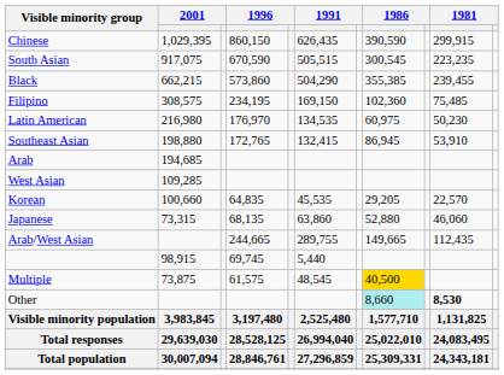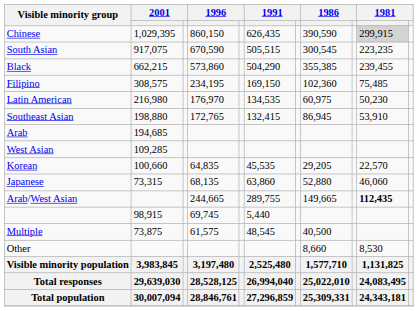 <table class="wikitable sortable">
 <tr>
 <th rowspan="2">Visible minority group</th>
 <th colspan="2"><a href='#'>2001</a><br></th>
 <th colspan="2"><a href='#'>1996</a><br></th>
 <th colspan="2"><a href='#'>1991</a><br></th>
 <th colspan="2"><a href='#'>1986</a><br></th>
 <th colspan="2"><a href='#'>1981</a><br></th>
 </tr>
 <tr>
 <th><a href='#'></a></th>
 <th></th>
 <th></th>
 <th></th>
 <th></th>
 <th></th>
 <th></th>
 <th></th>
 <th></th>
 <th></th>
 </tr>
 <tr>
 <td><a href='#'>Chinese</a></td>
 <td>1,029,395</td>
 <td></td>
 <td>860,150</td>
 <td></td>
 <td>626,435</td>
 <td></td>
 <td>390,590</td>
 <td></td>
-<td>299,915</td>
+<td style="background: lightgrey;">299,915</td>
 <td></td>
 </tr>
 <tr>
 <td><a href='#'>South Asian</a></td>
 <td>917,075</td>
 <td></td>
 <td>670,590</td>
 <td></td>
 <td>505,515</td>
 <td></td>
 <td>300,545</td>
 <td></td>
 <td>223,235</td>
 <td></td>
 </tr>
 <tr>
 <td><a href='#'>Black</a></td>
 <td>662,215</td>
 <td></td>
 <td>573,860</td>
 <td></td>
 <td>504,290</td>
 <td></td>
 <td>355,385</td>
 <td></td>
 <td>239,455</td>
 <td></td>
 </tr>
 <tr>
 <td><a href='#'>Filipino</a></td>
 <td>308,575</td>
 <td></td>
 <td>234,195</td>
 <td></td>
 <td>169,150</td>
 <td></td>
 <td>102,360</td>
 <td></td>
 <td>75,485</td>
 <td></td>
 </tr>
 <tr>
 <td><a href='#'>Latin American</a></td>
 <td>216,980</td>
 <td></td>
 <td>176,970</td>
 <td></td>
 <td>134,535</td>
 <td></td>
 <td>60,975</td>
 <td></td>
 <td>50,230</td>
 <td></td>
 </tr>
 <tr>
 <td><a href='#'>Southeast Asian</a></td>
 <td>198,880</td>
 <td></td>
 <td>172,765</td>
 <td></td>
 <td>132,415</td>
 <td></td>
 <td>86,945</td>
 <td></td>
 <td>53,910</td>
 <td></td>
 </tr>
 <tr>
 <td><a href='#'>Arab</a></td>
 <td>194,685</td>
 <td></td>
 <td></td>
 <td></td>
 <td></td>
 <td></td>
 <td></td>
 <td></td>
 <td></td>
 <td></td>
 </tr>
 <tr>
 <td><a href='#'>West Asian</a></td>
 <td>109,285</td>
 <td></td>
 <td></td>
 <td></td>
 <td></td>
 <td></td>
 <td></td>
 <td></td>
 <td></td>
 <td></td>
 </tr>
 <tr>
 <td><a href='#'>Korean</a></td>
 <td>100,660</td>
 <td></td>
 <td>64,835</td>
 <td></td>
 <td>45,535</td>
 <td></td>
 <td>29,205</td>
 <td></td>
 <td>22,570</td>
 <td></td>
 </tr>
 <tr>
 <td><a href='#'>Japanese</a></td>
 <td>73,315</td>
 <td></td>
 <td>68,135</td>
 <td></td>
 <td>63,860</td>
 <td></td>
 <td>52,880</td>
 <td></td>
 <td>46,060</td>
 <td></td>
 </tr>
 <tr>
 <td><a href='#'>Arab</a>/<a href='#'>West Asian</a></td>
 <td></td>
 <td></td>
 <td>244,665</td>
 <td></td>
 <td>289,755</td>
 <td></td>
 <td>149,665</td>
 <td></td>
-<td>112,435</td>
+<td><strong>112,435</strong></td>
 <td></td>
 </tr>
 <tr>
 <td></td>
 <td>98,915</td>
 <td></td>
 <td>69,745</td>
 <td></td>
 <td>5,440</td>
 <td></td>
 <td></td>
 <td></td>
 <td></td>
 <td></td>
 </tr>
 <tr>
 <td><a href='#'>Multiple</a></td>
 <td>73,875</td>
 <td></td>
 <td>61,575</td>
 <td></td>
 <td>48,545</td>
 <td></td>
-<td style="background: gold;">40,500</td>
+<td>40,500</td>
 <td></td>
 <td></td>
 <td></td>
 </tr>
 <tr>
 <td>Other</td>
 <td></td>
 <td></td>
 <td></td>
 <td></td>
 <td></td>
 <td></td>
-<td style="background: paleturquoise;">8,660</td>
+<td>8,660</td>
 <td></td>
-<td><strong>8,530</strong></td>
+<td>8,530</td>
 <td></td>
 </tr>
 <tr>
 <th>Visible minority population</th>
 <th>3,983,845</th>
 <th></th>
 <th>3,197,480</th>
 <th></th>
 <th>2,525,480</th>
 <th></th>
 <th>1,577,710</th>
 <th></th>
 <th>1,131,825</th>
 <th></th>
 </tr>
 <tr class="sortbottom">
 <th>Total responses</th>
 <th>29,639,030</th>
 <th></th>
 <th>28,528,125</th>
 <th></th>
 <th>26,994,040</th>
 <th></th>
 <th>25,022,010</th>
 <th></th>
 <th>24,083,495</th>
 <th></th>
 </tr>
 <tr class="sortbottom">
 <th>Total population</th>
 <th>30,007,094</th>
 <th></th>
 <th>28,846,761</th>
 <th></th>
 <th>27,296,859</th>
 <th></th>
 <th>25,309,331</th>
 <th></th>
 <th>24,343,181</th>
 <th></th>
 </tr>
 <tr class="sortbottom">
 </tr>
 </table>
